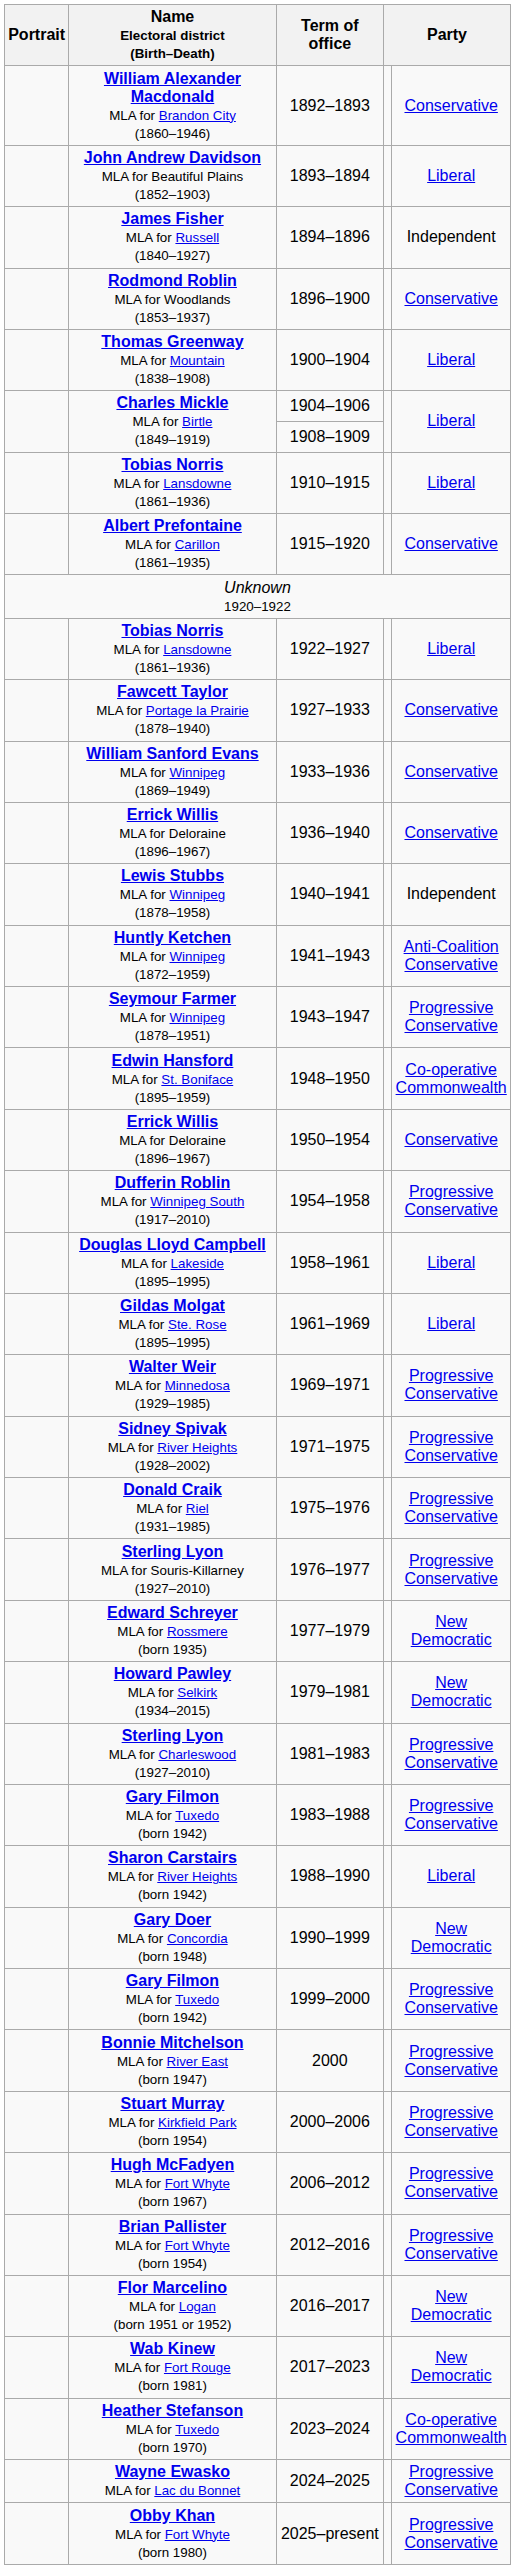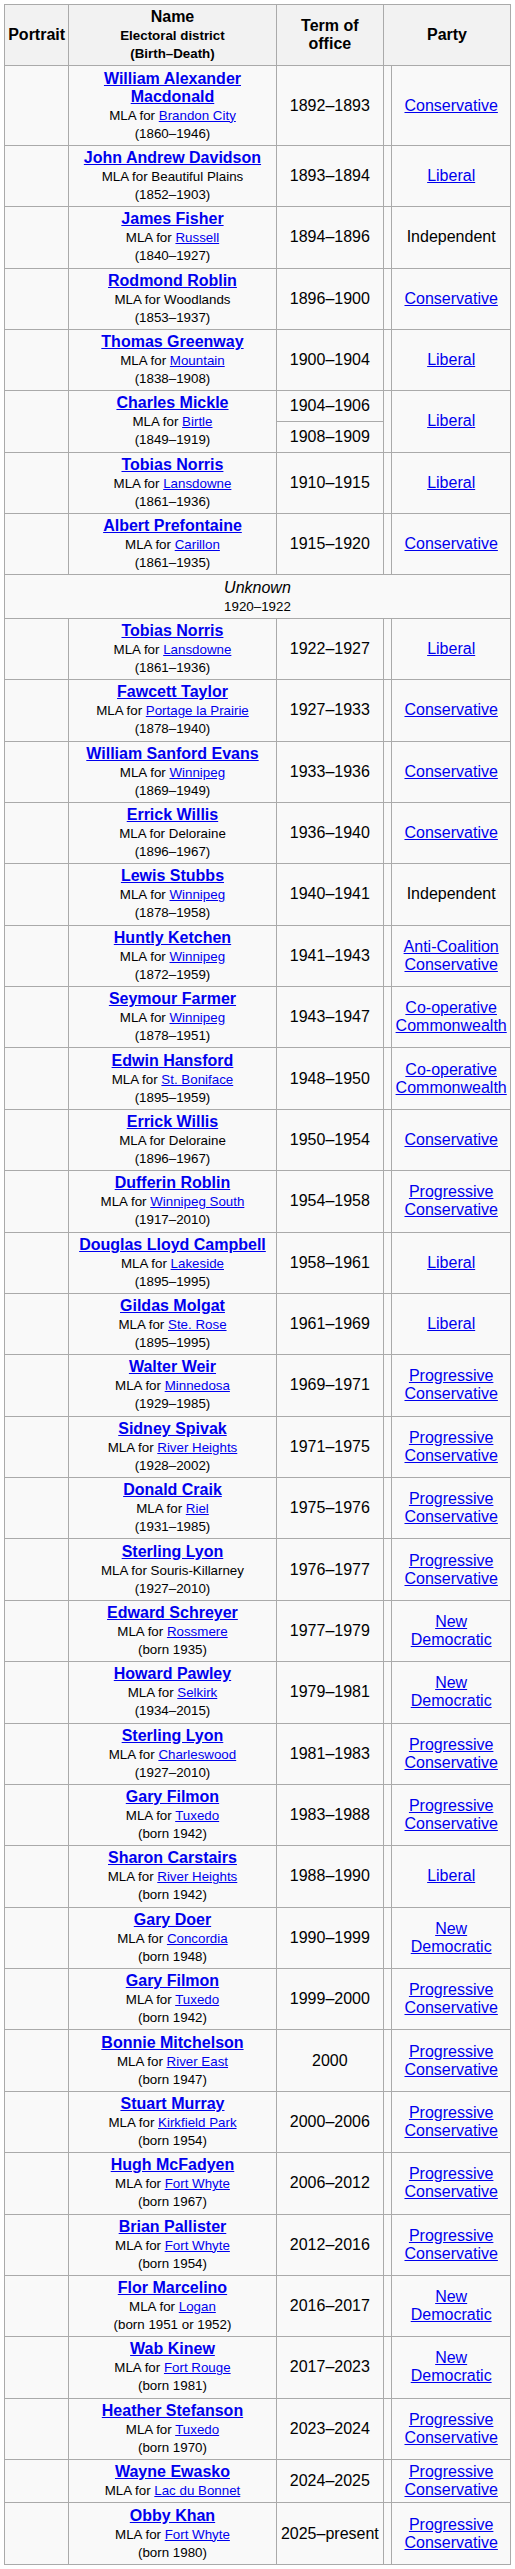 <table class="wikitable" style="text-align:center">
 <tr>
 <th scope="col">Portrait</th>
 <th scope="col" width="200px">Name<br><small>Electoral district<br>(Birth–Death)</small></th>
 <th scope="col" width="100px">Term of office</th>
 <th colspan="2">Party</th>
 </tr>
 <tr>
 <td></td>
 <td><strong><a href='#'>William Alexander Macdonald</a></strong><br><small>MLA for <a href='#'>Brandon City</a></small><br><small>(1860–1946)</small></td>
 <td>1892–1893</td>
 <td style="width:1px; background:"></td>
 <td width="100px"><a href='#'>Conservative</a></td>
 </tr>
 <tr>
 <td></td>
 <td><strong><a href='#'>John Andrew Davidson</a></strong><br><small>MLA for Beautiful Plains</small><br><small>(1852–1903)</small></td>
 <td>1893–1894</td>
 <td style="width:1px; background:"></td>
 <td><a href='#'>Liberal</a></td>
 </tr>
 <tr>
 <td></td>
 <td><a href='#'><strong>James Fisher</strong></a><br><small>MLA for <a href='#'>Russell</a></small><br><small>(1840–1927)</small></td>
 <td>1894–1896</td>
 <td style="width:1px; background:"></td>
 <td>Independent</td>
 </tr>
 <tr>
 <td></td>
 <td><strong><a href='#'>Rodmond Roblin</a></strong><br><small>MLA for Woodlands</small><br><small>(1853–1937)</small></td>
 <td>1896–1900</td>
 <td style="width:1px; background:"></td>
 <td><a href='#'>Conservative</a></td>
 </tr>
 <tr>
 <td></td>
 <td><strong><a href='#'>Thomas Greenway</a></strong><br><small>MLA for <a href='#'>Mountain</a></small><br><small>(1838–1908)</small></td>
 <td>1900–1904</td>
 <td style="width:1px; background:"></td>
 <td><a href='#'>Liberal</a></td>
 </tr>
 <tr>
 <td rowspan="2"></td>
 <td rowspan="2"><strong><a href='#'>Charles Mickle</a></strong><br><small>MLA for <a href='#'>Birtle</a></small><br><small>(1849–1919)</small></td>
 <td>1904–1906</td>
 <td rowspan="2" style="width:1px; background:"></td>
 <td rowspan="2"><a href='#'>Liberal</a></td>
 </tr>
 <tr>
 <td>1908–1909</td>
 </tr>
 <tr>
 <td></td>
 <td><strong><a href='#'>Tobias Norris</a></strong><br><small>MLA for <a href='#'>Lansdowne</a></small><br><small>(1861–1936)</small></td>
 <td>1910–1915</td>
 <td style="width:1px; background:"></td>
 <td><a href='#'>Liberal</a></td>
 </tr>
 <tr>
 <td></td>
 <td><strong><a href='#'>Albert Prefontaine</a></strong><br><small>MLA for <a href='#'>Carillon</a></small><br><small>(1861–1935)</small></td>
 <td>1915–1920</td>
 <td style="width:1px; background:"></td>
 <td><a href='#'>Conservative</a></td>
 </tr>
 <tr>
 <td colspan="6"><em>Unknown</em><br><small>1920–1922</small></td>
 </tr>
 <tr>
 <td></td>
 <td><strong><a href='#'>Tobias Norris</a></strong><br><small>MLA for <a href='#'>Lansdowne</a></small><br><small>(1861–1936)</small></td>
 <td>1922–1927</td>
 <td style="width:1px; background:"></td>
 <td><a href='#'>Liberal</a></td>
 </tr>
 <tr>
 <td></td>
 <td><strong><a href='#'>Fawcett Taylor</a></strong><br><small>MLA for <a href='#'>Portage la Prairie</a></small><br><small>(1878–1940)</small></td>
 <td>1927–1933</td>
 <td style="width:1px; background:"></td>
 <td><a href='#'>Conservative</a></td>
 </tr>
 <tr>
 <td></td>
 <td><strong><a href='#'>William Sanford Evans</a></strong><br><small>MLA for <a href='#'>Winnipeg</a></small><br><small>(1869–1949)</small></td>
 <td>1933–1936</td>
 <td style="width:1px; background:"></td>
 <td><a href='#'>Conservative</a></td>
 </tr>
 <tr>
 <td></td>
 <td><strong><a href='#'>Errick Willis</a></strong><br><small>MLA for Deloraine</small><br><small>(1896–1967)</small></td>
 <td>1936–1940</td>
 <td style="width:1px; background:"></td>
 <td><a href='#'>Conservative</a></td>
 </tr>
 <tr>
 <td></td>
 <td><strong><a href='#'>Lewis Stubbs</a></strong><br><small>MLA for <a href='#'>Winnipeg</a></small><br><small>(1878–1958)</small></td>
 <td>1940–1941</td>
 <td style="width:1px; background:"></td>
 <td>Independent</td>
 </tr>
 <tr>
 <td></td>
 <td><strong><a href='#'>Huntly Ketchen</a></strong><br><small>MLA for <a href='#'>Winnipeg</a></small><br><small>(1872–1959)</small></td>
 <td>1941–1943</td>
 <td style="width:1px; background:"></td>
 <td><a href='#'>Anti-Coalition Conservative</a></td>
 </tr>
 <tr>
 <td></td>
 <td><strong><a href='#'>Seymour Farmer</a></strong><br><small>MLA for <a href='#'>Winnipeg</a></small><br><small>(1878–1951)</small></td>
 <td>1943–1947</td>
 <td style="width:1px; background:"></td>
-<td><a href='#'>Progressive Conservative</a></td>
+<td><a href='#'>Co-operative Commonwealth</a></td>
 </tr>
 <tr>
 <td></td>
 <td><strong><a href='#'>Edwin Hansford</a></strong><br><small>MLA for <a href='#'>St. Boniface</a></small><br><small>(1895–1959)</small></td>
 <td>1948–1950</td>
 <td style="width:1px; background:"></td>
 <td><a href='#'>Co-operative Commonwealth</a></td>
 </tr>
 <tr>
 <td></td>
 <td><strong><a href='#'>Errick Willis</a></strong><br><small>MLA for Deloraine</small><br><small>(1896–1967)</small></td>
 <td>1950–1954</td>
 <td style="width:1px; background:"></td>
 <td><a href='#'>Conservative</a></td>
 </tr>
 <tr>
 <td></td>
 <td><strong><a href='#'>Dufferin Roblin</a></strong><br><small>MLA for <a href='#'>Winnipeg South</a></small><br><small>(1917–2010)</small></td>
 <td>1954–1958</td>
 <td style="width:1px; background:"></td>
 <td><a href='#'>Progressive Conservative</a></td>
 </tr>
 <tr>
 <td></td>
 <td><strong><a href='#'>Douglas Lloyd Campbell</a></strong><br><small>MLA for <a href='#'>Lakeside</a></small><br><small>(1895–1995)</small></td>
 <td>1958–1961</td>
 <td style="width:1px; background:"></td>
 <td><a href='#'>Liberal</a></td>
 </tr>
 <tr>
 <td></td>
 <td><strong><a href='#'>Gildas Molgat</a></strong><br><small>MLA for <a href='#'>Ste. Rose</a></small><br><small>(1895–1995)</small></td>
 <td>1961–1969</td>
 <td style="width:1px; background:"></td>
 <td><a href='#'>Liberal</a></td>
 </tr>
 <tr>
 <td></td>
 <td><strong><a href='#'>Walter Weir</a></strong><br><small>MLA for <a href='#'>Minnedosa</a></small><br><small>(1929–1985)</small></td>
 <td>1969–1971</td>
 <td style="width:1px; background:"></td>
 <td><a href='#'>Progressive Conservative</a></td>
 </tr>
 <tr>
 <td></td>
 <td><strong><a href='#'>Sidney Spivak</a></strong><br><small>MLA for <a href='#'>River Heights</a></small><br><small>(1928–2002)</small></td>
 <td>1971–1975</td>
 <td style="width:1px; background:"></td>
 <td><a href='#'>Progressive Conservative</a></td>
 </tr>
 <tr>
 <td></td>
 <td><strong><a href='#'>Donald Craik</a></strong><br><small>MLA for <a href='#'>Riel</a></small><br><small>(1931–1985)</small></td>
 <td>1975–1976</td>
 <td style="width:1px; background:"></td>
 <td><a href='#'>Progressive Conservative</a></td>
 </tr>
 <tr>
 <td></td>
 <td><strong><a href='#'>Sterling Lyon</a></strong><br><small>MLA for Souris-Killarney</small><br><small>(1927–2010)</small></td>
 <td>1976–1977</td>
 <td style="width:1px; background:"></td>
 <td><a href='#'>Progressive Conservative</a></td>
 </tr>
 <tr>
 <td></td>
 <td><strong><a href='#'>Edward Schreyer</a></strong><br><small>MLA for <a href='#'>Rossmere</a></small><br><small>(born 1935)</small></td>
 <td>1977–1979</td>
 <td style="width:1px; background:"></td>
 <td><a href='#'>New Democratic</a></td>
 </tr>
 <tr>
 <td></td>
 <td><strong><a href='#'>Howard Pawley</a></strong><br><small>MLA for <a href='#'>Selkirk</a></small><br><small>(1934–2015)</small></td>
 <td>1979–1981</td>
 <td style="width:1px; background:"></td>
 <td><a href='#'>New Democratic</a></td>
 </tr>
 <tr>
 <td></td>
 <td><strong><a href='#'>Sterling Lyon</a></strong><br><small>MLA for <a href='#'>Charleswood</a></small><br><small>(1927–2010)</small></td>
 <td>1981–1983</td>
 <td style="width:1px; background:"></td>
 <td><a href='#'>Progressive Conservative</a></td>
 </tr>
 <tr>
 <td></td>
 <td><strong><a href='#'>Gary Filmon</a></strong><br><small>MLA for <a href='#'>Tuxedo</a></small><br><small>(born 1942)</small></td>
 <td>1983–1988</td>
 <td style="width:1px; background:"></td>
 <td><a href='#'>Progressive Conservative</a></td>
 </tr>
 <tr>
 <td></td>
 <td><strong><a href='#'>Sharon Carstairs</a></strong><br><small>MLA for <a href='#'>River Heights</a></small><br><small>(born 1942)</small></td>
 <td>1988–1990</td>
 <td style="width:1px; background:"></td>
 <td><a href='#'>Liberal</a></td>
 </tr>
 <tr>
 <td></td>
 <td><strong><a href='#'>Gary Doer</a></strong><br><small>MLA for <a href='#'>Concordia</a></small><br><small>(born 1948)</small></td>
 <td>1990–1999</td>
 <td style="width:1px; background:"></td>
 <td><a href='#'>New Democratic</a></td>
 </tr>
 <tr>
 <td></td>
 <td><strong><a href='#'>Gary Filmon</a></strong><br><small>MLA for <a href='#'>Tuxedo</a></small><br><small>(born 1942)</small></td>
 <td>1999–2000</td>
 <td style="width:1px; background:"></td>
 <td><a href='#'>Progressive Conservative</a></td>
 </tr>
 <tr>
 <td></td>
 <td><strong><a href='#'>Bonnie Mitchelson</a></strong><br><small>MLA for <a href='#'>River East</a></small><br><small>(born 1947)</small></td>
 <td>2000</td>
 <td style="width:1px; background:"></td>
 <td><a href='#'>Progressive Conservative</a></td>
 </tr>
 <tr>
 <td></td>
 <td><strong><a href='#'>Stuart Murray</a></strong><br><small>MLA for <a href='#'>Kirkfield Park</a></small><br><small>(born 1954)</small></td>
 <td>2000–2006</td>
 <td style="width:1px; background:"></td>
 <td><a href='#'>Progressive Conservative</a></td>
 </tr>
 <tr>
 <td></td>
 <td><strong><a href='#'>Hugh McFadyen</a></strong><br><small>MLA for <a href='#'>Fort Whyte</a></small><br><small>(born 1967)</small></td>
 <td>2006–2012</td>
 <td style="width:1px; background:"></td>
 <td><a href='#'>Progressive Conservative</a></td>
 </tr>
 <tr>
 <td></td>
 <td><strong><a href='#'>Brian Pallister</a></strong><br><small>MLA for <a href='#'>Fort Whyte</a></small><br><small>(born 1954)</small></td>
 <td>2012–2016</td>
 <td style="width:1px; background:"></td>
 <td><a href='#'>Progressive Conservative</a></td>
 </tr>
 <tr>
 <td></td>
 <td><strong><a href='#'>Flor Marcelino</a></strong><br><small>MLA for <a href='#'>Logan</a></small><br><small>(born 1951 or 1952)</small></td>
 <td>2016–2017</td>
 <td style="width:1px; background:"></td>
 <td><a href='#'>New Democratic</a></td>
 </tr>
 <tr>
 <td></td>
 <td><strong><a href='#'>Wab Kinew</a></strong><br><small>MLA for <a href='#'>Fort Rouge</a></small><br><small>(born 1981)</small></td>
 <td>2017–2023</td>
 <td style="width:1px; background:"></td>
 <td><a href='#'>New Democratic</a></td>
 </tr>
 <tr>
 <td></td>
 <td><strong><a href='#'>Heather Stefanson</a></strong><br><small>MLA for <a href='#'>Tuxedo</a></small><br><small>(born 1970)</small></td>
 <td>2023–2024</td>
 <td style="width:1px; background:"></td>
-<td><a href='#'>Co-operative Commonwealth</a></td>
+<td><a href='#'>Progressive Conservative</a></td>
 </tr>
 <tr>
 <td></td>
 <td><strong><a href='#'>Wayne Ewasko</a></strong><br><small>MLA for <a href='#'>Lac du Bonnet</a></small><br><small></small></td>
 <td>2024–2025</td>
 <td style="width:1px; background:"></td>
 <td><a href='#'>Progressive Conservative</a></td>
 </tr>
 <tr>
 <td></td>
 <td><strong><a href='#'>Obby Khan</a></strong><br><small>MLA for <a href='#'>Fort Whyte</a></small><br><small>(born 1980)</small></td>
 <td>2025–present</td>
 <td style="width:1px; background:"></td>
 <td><a href='#'>Progressive Conservative</a></td>
 </tr>
 </table>
